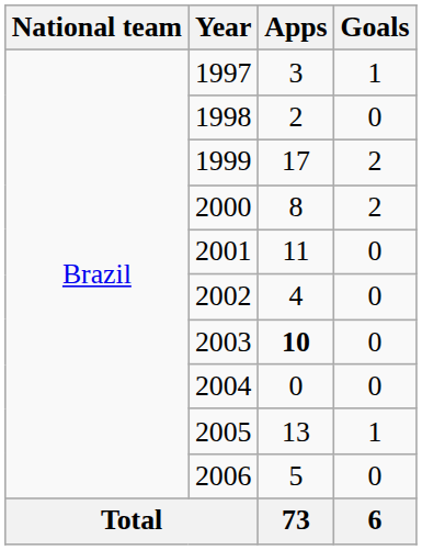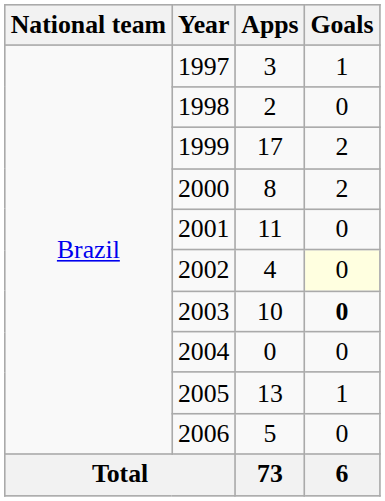 <table class="wikitable" style="text-align:center">
 <tr>
 <th>National team</th>
 <th>Year</th>
 <th>Apps</th>
 <th>Goals</th>
 </tr>
 <tr>
 <td rowspan="10"><a href='#'>Brazil</a></td>
 <td>1997</td>
 <td>3</td>
 <td>1</td>
 </tr>
 <tr>
 <td>1998</td>
 <td>2</td>
 <td>0</td>
 </tr>
 <tr>
 <td>1999</td>
 <td>17</td>
 <td>2</td>
 </tr>
 <tr>
 <td>2000</td>
 <td>8</td>
 <td>2</td>
 </tr>
 <tr>
 <td>2001</td>
 <td>11</td>
 <td>0</td>
 </tr>
 <tr>
 <td>2002</td>
 <td>4</td>
-<td>0</td>
+<td style="background: lightyellow;">0</td>
 </tr>
 <tr>
 <td>2003</td>
-<td><strong>10</strong></td>
-<td>0</td>
+<td>10</td>
+<td><strong>0</strong></td>
 </tr>
 <tr>
 <td>2004</td>
 <td>0</td>
 <td>0</td>
 </tr>
 <tr>
 <td>2005</td>
 <td>13</td>
 <td>1</td>
 </tr>
 <tr>
 <td>2006</td>
 <td>5</td>
 <td>0</td>
 </tr>
 <tr>
 <th colspan="2">Total</th>
 <th>73</th>
 <th>6</th>
 </tr>
 </table>
